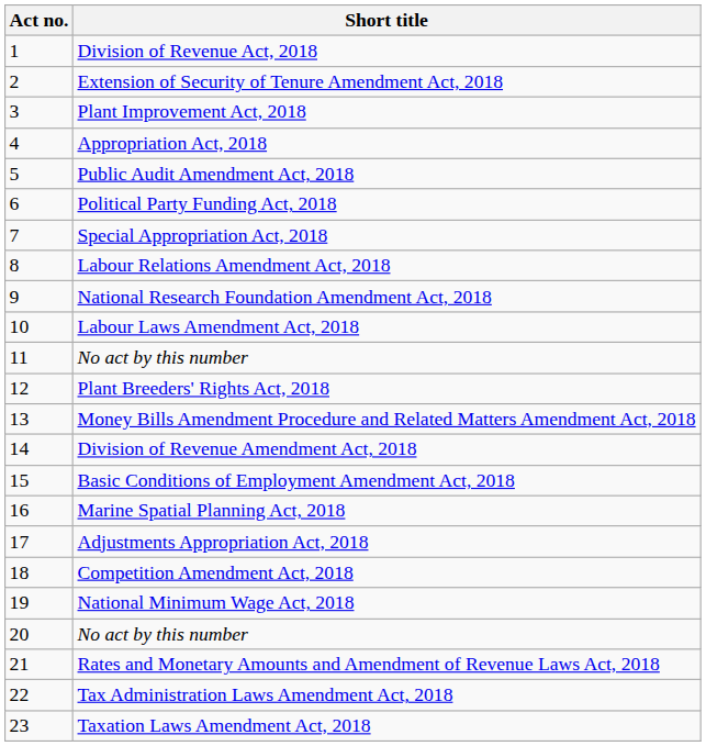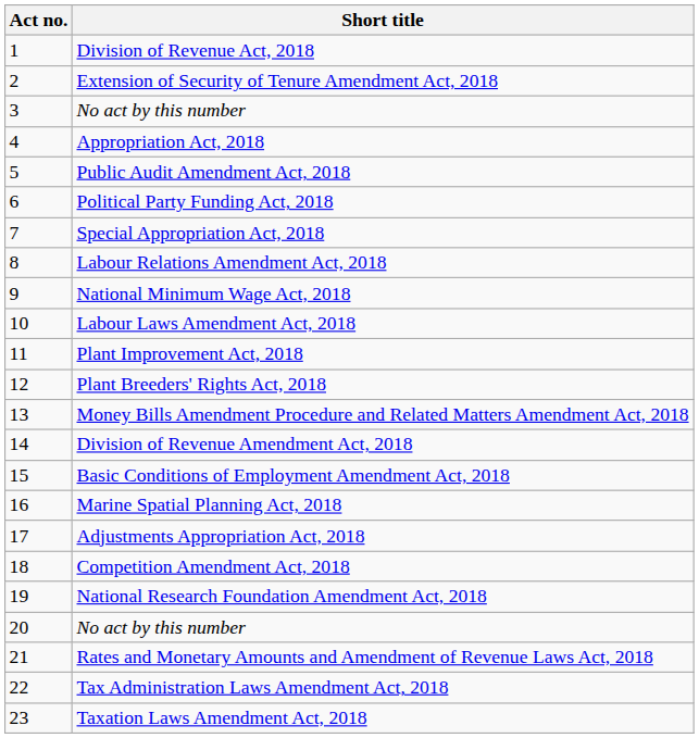 <table class="wikitable sortable">
 <tr>
 <th>Act no.</th>
 <th>Short title</th>
 </tr>
 <tr>
 <td>1</td>
 <td><a href='#'>Division of Revenue Act, 2018</a></td>
 </tr>
 <tr>
 <td>2</td>
 <td><a href='#'>Extension of Security of Tenure Amendment Act, 2018</a></td>
 </tr>
 <tr>
 <td>3</td>
-<td><a href='#'>Plant Improvement Act, 2018</a></td>
+<td><em>No act by this number</em></td>
 </tr>
 <tr>
 <td>4</td>
 <td><a href='#'>Appropriation Act, 2018</a></td>
 </tr>
 <tr>
 <td>5</td>
 <td><a href='#'>Public Audit Amendment Act, 2018</a></td>
 </tr>
 <tr>
 <td>6</td>
 <td><a href='#'>Political Party Funding Act, 2018</a></td>
 </tr>
 <tr>
 <td>7</td>
 <td><a href='#'>Special Appropriation Act, 2018</a></td>
 </tr>
 <tr>
 <td>8</td>
 <td><a href='#'>Labour Relations Amendment Act, 2018</a></td>
 </tr>
 <tr>
 <td>9</td>
-<td><a href='#'>National Research Foundation Amendment Act, 2018</a></td>
+<td><a href='#'>National Minimum Wage Act, 2018</a></td>
 </tr>
 <tr>
 <td>10</td>
 <td><a href='#'>Labour Laws Amendment Act, 2018</a></td>
 </tr>
 <tr>
 <td>11</td>
-<td><em>No act by this number</em></td>
+<td><a href='#'>Plant Improvement Act, 2018</a></td>
 </tr>
 <tr>
 <td>12</td>
 <td><a href='#'>Plant Breeders' Rights Act, 2018</a></td>
 </tr>
 <tr>
 <td>13</td>
 <td><a href='#'>Money Bills Amendment Procedure and Related Matters Amendment Act, 2018</a></td>
 </tr>
 <tr>
 <td>14</td>
 <td><a href='#'>Division of Revenue Amendment Act, 2018</a></td>
 </tr>
 <tr>
 <td>15</td>
 <td><a href='#'>Basic Conditions of Employment Amendment Act, 2018</a></td>
 </tr>
 <tr>
 <td>16</td>
 <td><a href='#'>Marine Spatial Planning Act, 2018</a></td>
 </tr>
 <tr>
 <td>17</td>
 <td><a href='#'>Adjustments Appropriation Act, 2018</a></td>
 </tr>
 <tr>
 <td>18</td>
 <td><a href='#'>Competition Amendment Act, 2018</a></td>
 </tr>
 <tr>
 <td>19</td>
-<td><a href='#'>National Minimum Wage Act, 2018</a></td>
+<td><a href='#'>National Research Foundation Amendment Act, 2018</a></td>
 </tr>
 <tr>
 <td>20</td>
 <td><em>No act by this number</em></td>
 </tr>
 <tr>
 <td>21</td>
 <td><a href='#'>Rates and Monetary Amounts and Amendment of Revenue Laws Act, 2018</a></td>
 </tr>
 <tr>
 <td>22</td>
 <td><a href='#'>Tax Administration Laws Amendment Act, 2018</a></td>
 </tr>
 <tr>
 <td>23</td>
 <td><a href='#'>Taxation Laws Amendment Act, 2018</a></td>
 </tr>
 </table>
